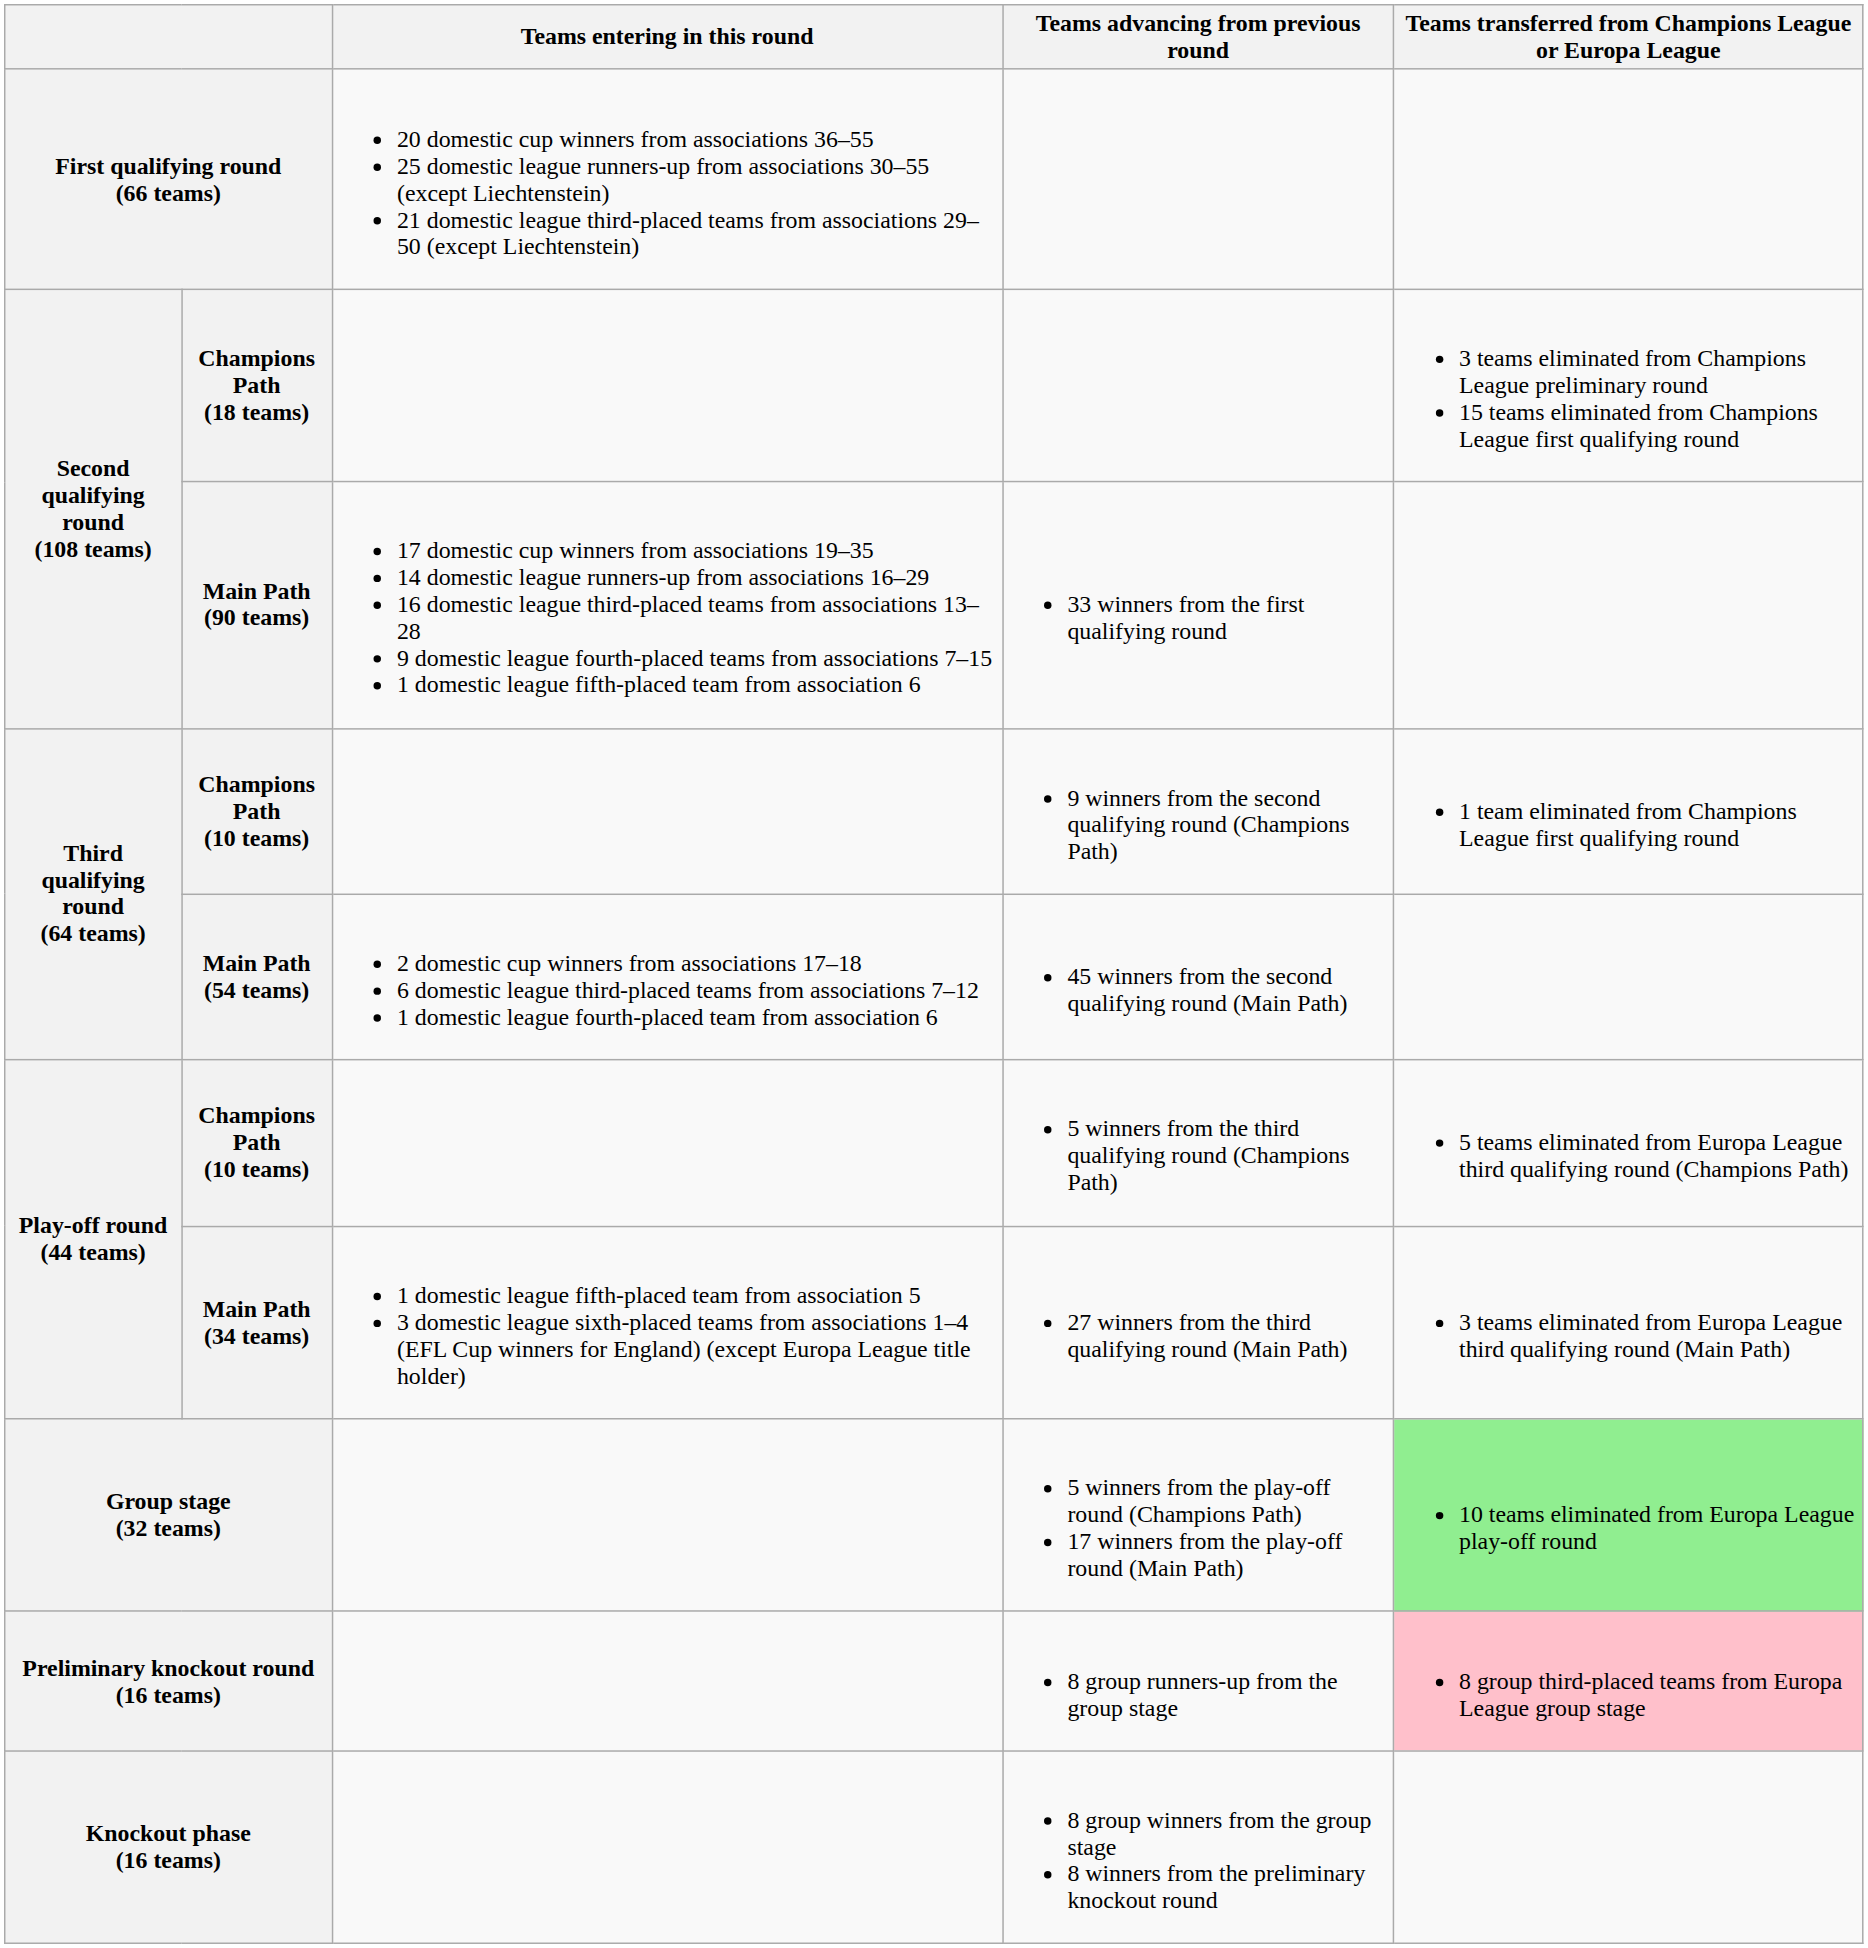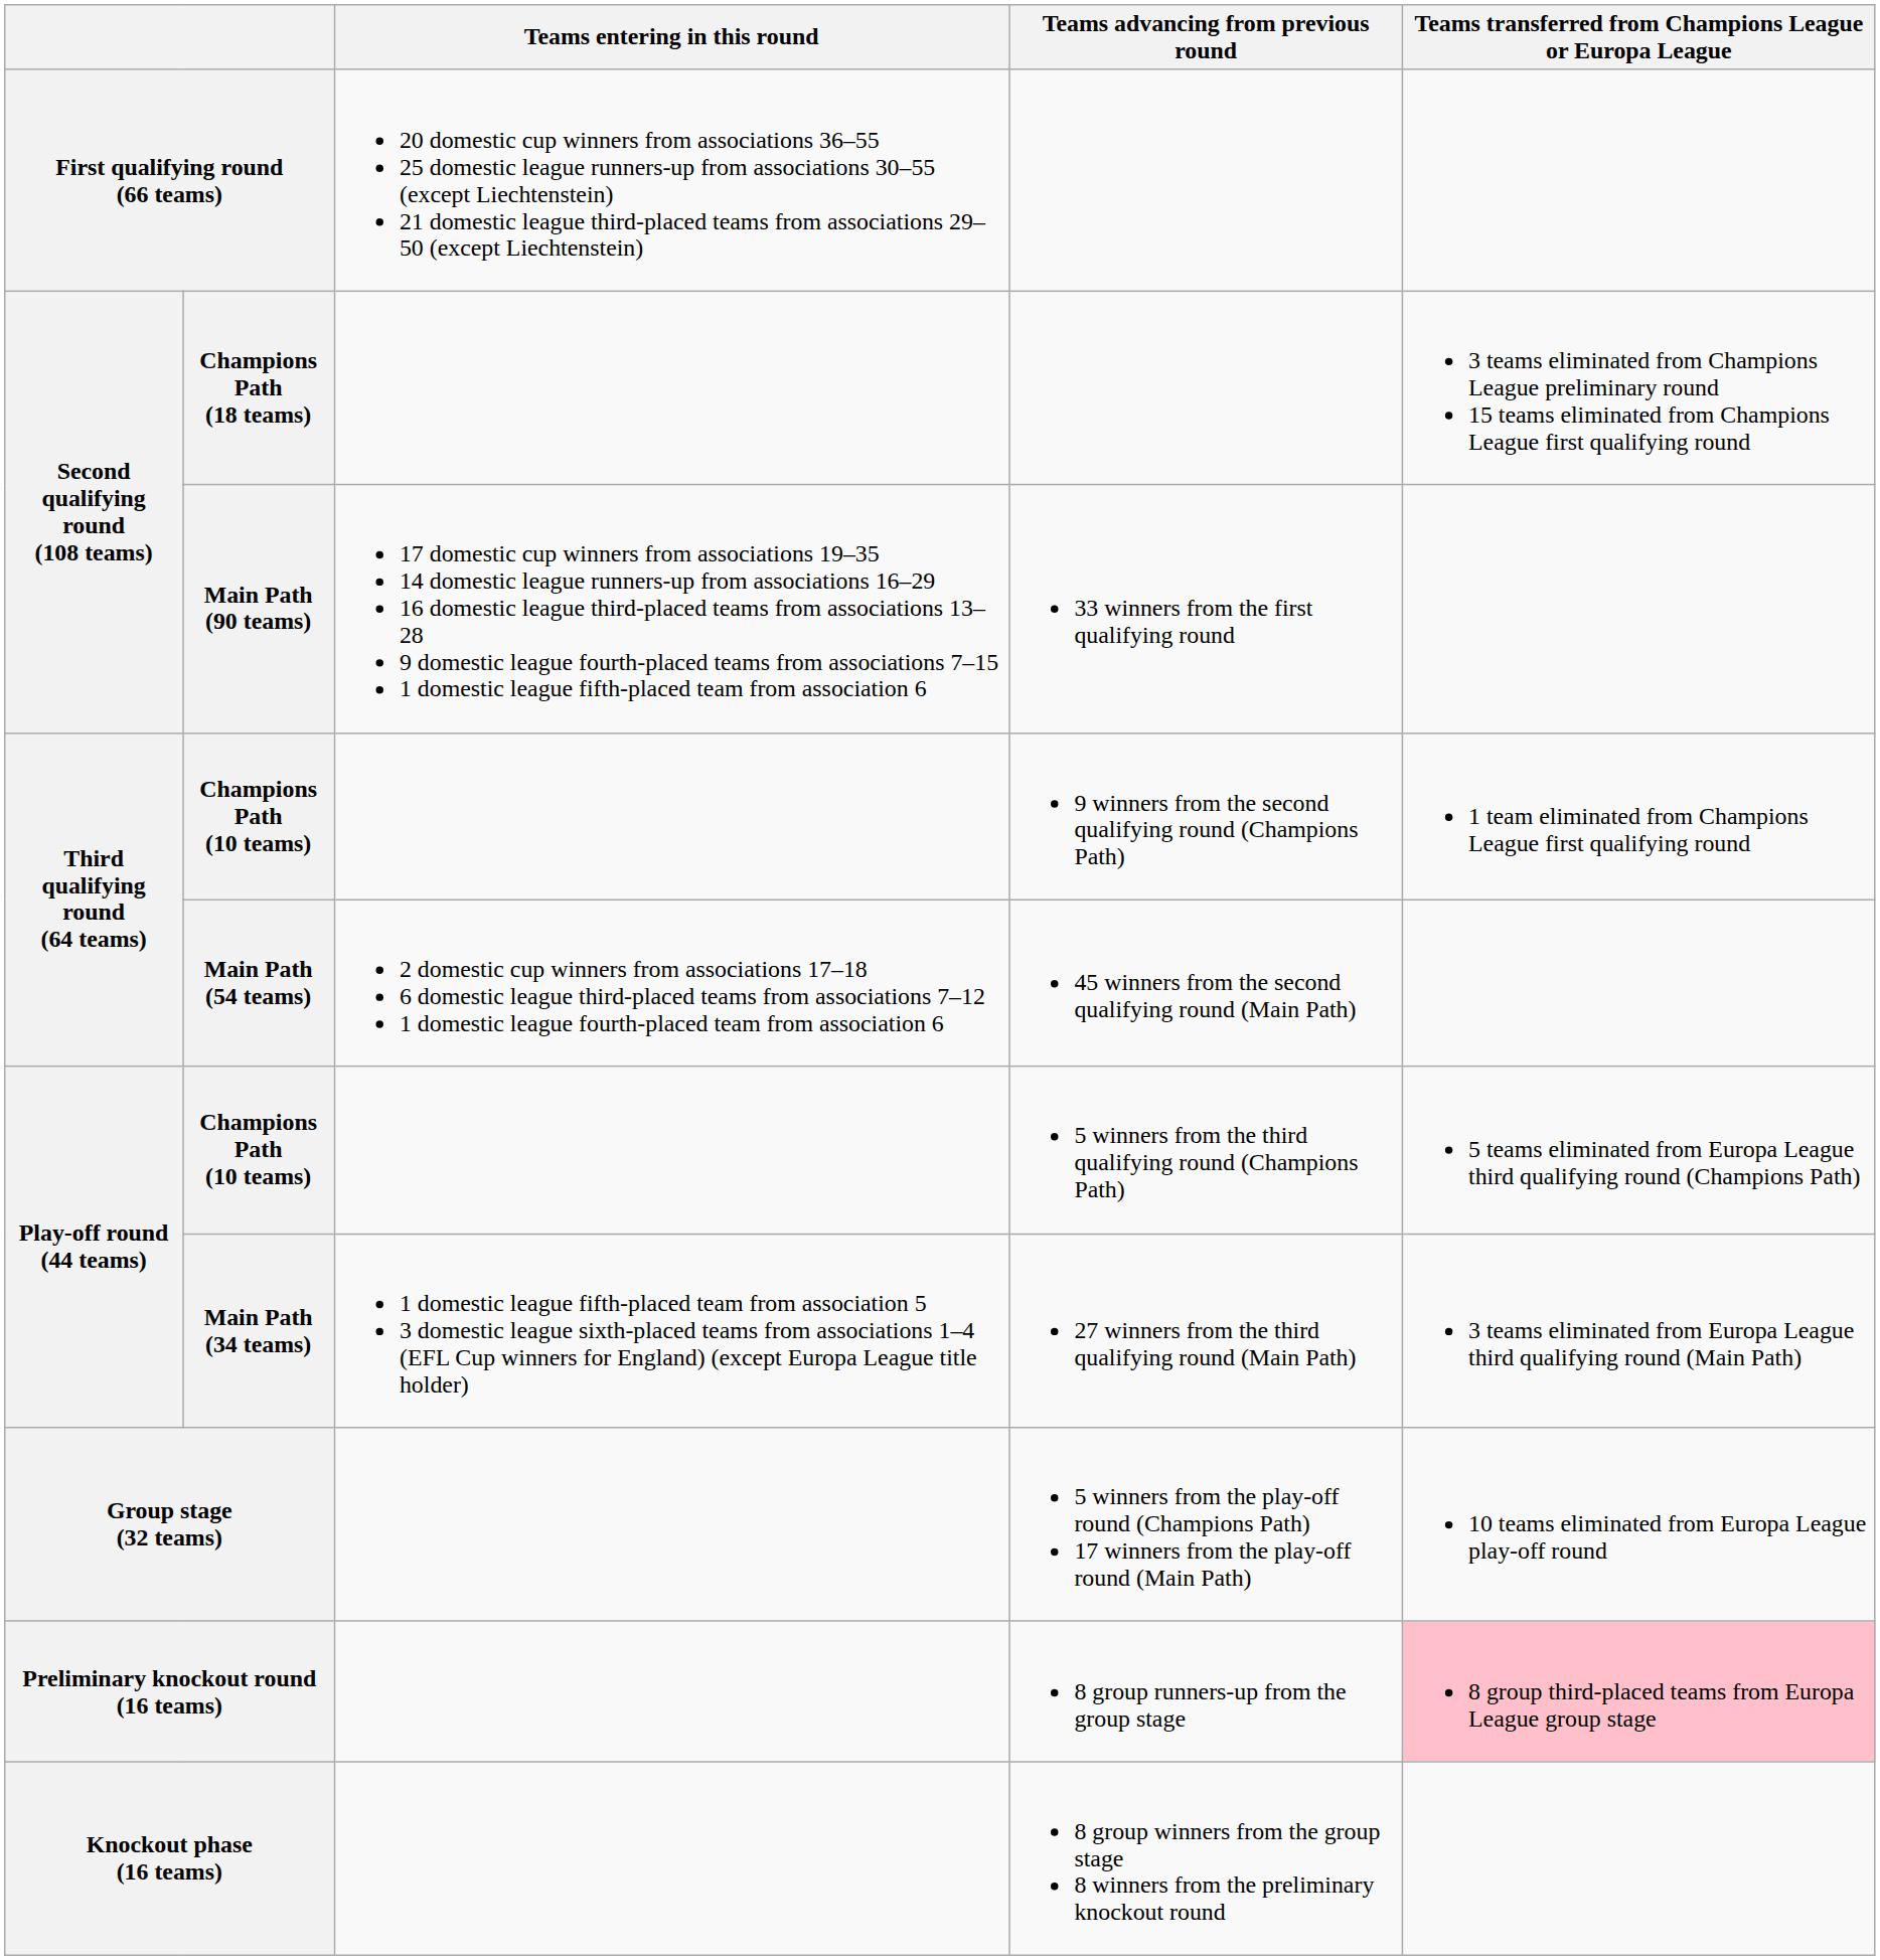 <table class="wikitable">
 <tr>
 <th colspan=2></th>
 <th>Teams entering in this round</th>
 <th>Teams advancing from previous round</th>
 <th>Teams transferred from Champions League or Europa League</th>
 </tr>
 <tr>
 <th colspan=2>First qualifying round<br>(66 teams)</th>
 <td><br><ul><li>20 domestic cup winners from associations 36–55</li><li>25 domestic league runners-up from associations 30–55 (except Liechtenstein)</li><li>21 domestic league third-placed teams from associations 29–50 (except Liechtenstein)</li></ul></td>
 <td></td>
 <td></td>
 </tr>
 <tr>
 <th rowspan=2>Second qualifying round<br>(108 teams)</th>
 <th>Champions Path<br>(18 teams)</th>
 <td></td>
 <td></td>
 <td><br><ul><li>3 teams eliminated from Champions League preliminary round</li><li>15 teams eliminated from Champions League first qualifying round</li></ul></td>
 </tr>
 <tr>
 <th>Main Path<br>(90 teams)</th>
 <td><br><ul><li>17 domestic cup winners from associations 19–35</li><li>14 domestic league runners-up from associations 16–29</li><li>16 domestic league third-placed teams from associations 13–28</li><li>9 domestic league fourth-placed teams from associations 7–15</li><li>1 domestic league fifth-placed team from association 6</li></ul></td>
 <td><br><ul><li>33 winners from the first qualifying round</li></ul></td>
 <td></td>
 </tr>
 <tr>
 <th rowspan=2>Third qualifying round<br>(64 teams)</th>
 <th>Champions Path<br>(10 teams)</th>
 <td></td>
 <td><br><ul><li>9 winners from the second qualifying round (Champions Path)</li></ul></td>
 <td><br><ul><li>1 team eliminated from Champions League first qualifying round</li></ul></td>
 </tr>
 <tr>
 <th>Main Path<br>(54 teams)</th>
 <td><br><ul><li>2 domestic cup winners from associations 17–18</li><li>6 domestic league third-placed teams from associations 7–12</li><li>1 domestic league fourth-placed team from association 6</li></ul></td>
 <td><br><ul><li>45 winners from the second qualifying round (Main Path)</li></ul></td>
 <td></td>
 </tr>
 <tr>
 <th rowspan=2>Play-off round<br>(44 teams)</th>
 <th>Champions Path<br>(10 teams)</th>
 <td></td>
 <td><br><ul><li>5 winners from the third qualifying round (Champions Path)</li></ul></td>
 <td><br><ul><li>5 teams eliminated from Europa League third qualifying round (Champions Path)</li></ul></td>
 </tr>
 <tr>
 <th>Main Path<br>(34 teams)</th>
 <td><br><ul><li>1 domestic league fifth-placed team from association 5</li><li>3 domestic league sixth-placed teams from associations 1–4 (EFL Cup winners for England) (except Europa League title holder)</li></ul></td>
 <td><br><ul><li>27 winners from the third qualifying round (Main Path)</li></ul></td>
 <td><br><ul><li>3 teams eliminated from Europa League third qualifying round (Main Path)</li></ul></td>
 </tr>
 <tr>
 <th colspan=2>Group stage<br>(32 teams)</th>
 <td></td>
 <td><br><ul><li>5 winners from the play-off round (Champions Path)</li><li>17 winners from the play-off round (Main Path)</li></ul></td>
-<td style="background: lightgreen;"><br><ul><li>10 teams eliminated from Europa League play-off round</li></ul></td>
+<td><br><ul><li>10 teams eliminated from Europa League play-off round</li></ul></td>
 </tr>
 <tr>
 <th colspan=2>Preliminary knockout round<br>(16 teams)</th>
 <td></td>
 <td><br><ul><li>8 group runners-up from the group stage</li></ul></td>
 <td style="background: pink;"><br><ul><li>8 group third-placed teams from Europa League group stage</li></ul></td>
 </tr>
 <tr>
 <th colspan=2>Knockout phase<br>(16 teams)</th>
 <td></td>
 <td><br><ul><li>8 group winners from the group stage</li><li>8 winners from the preliminary knockout round</li></ul></td>
 <td></td>
 </tr>
 </table>
